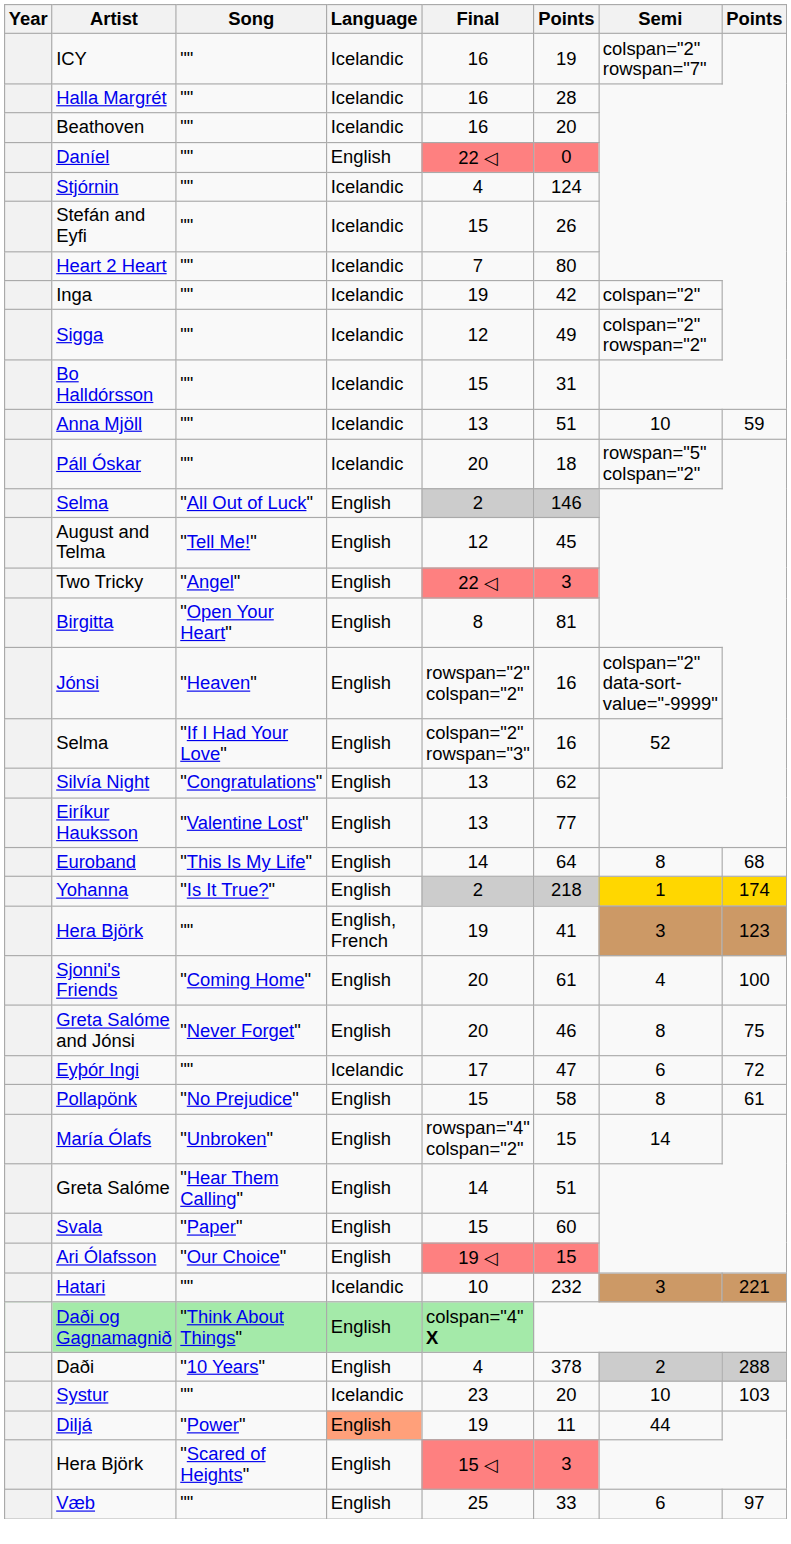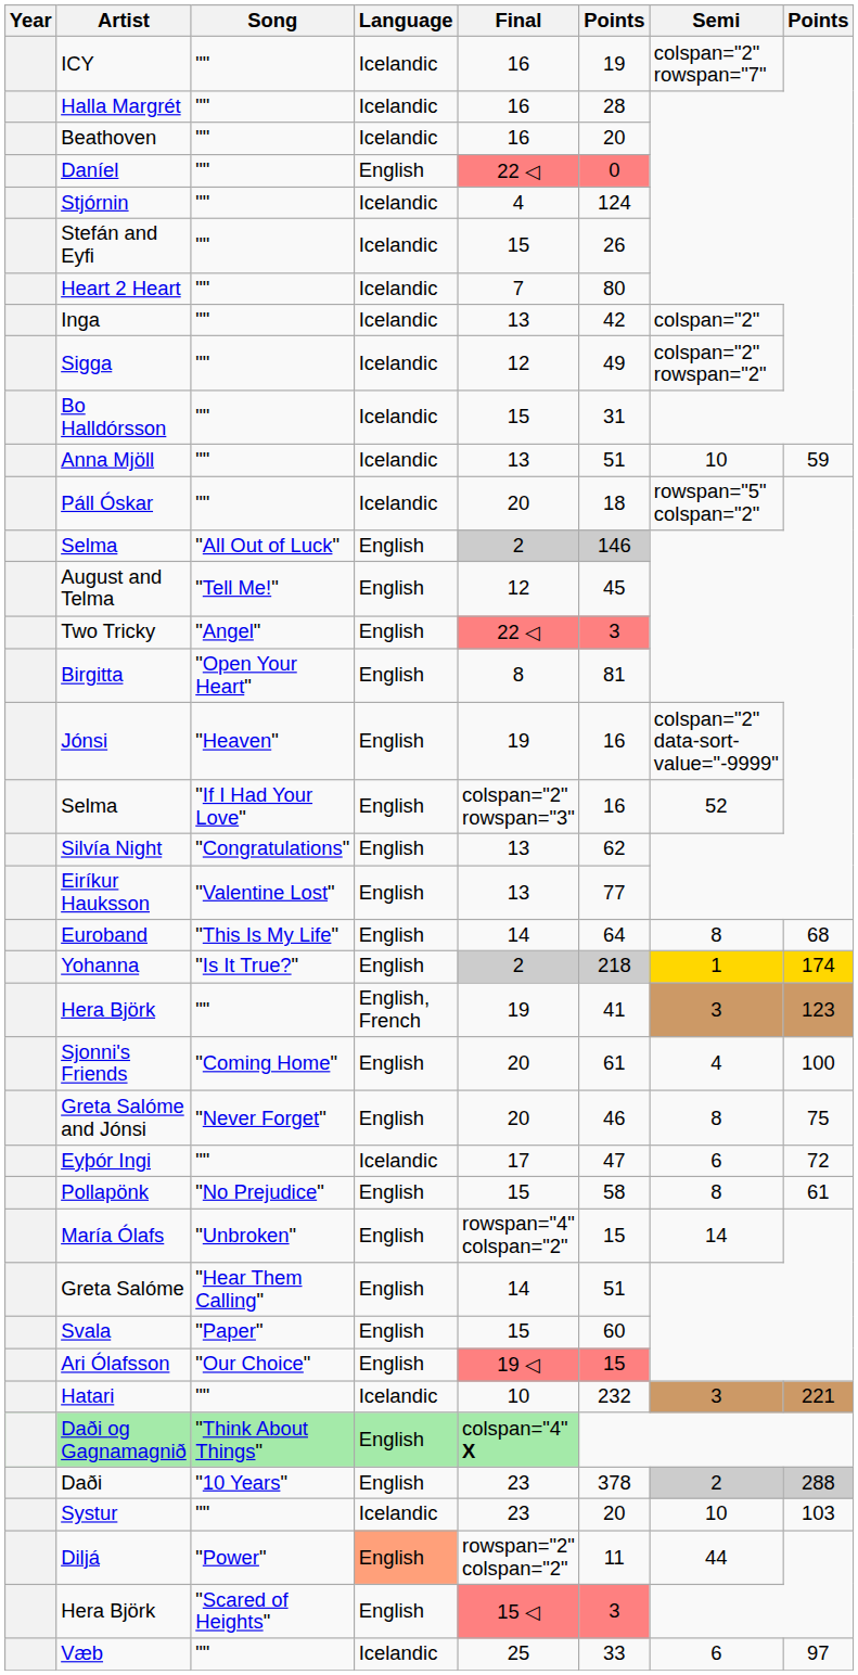 <table class="wikitable sortable plainrowheaders">
 <tr>
 <th scope="col">Year</th>
 <th scope="col">Artist</th>
 <th scope="col">Song</th>
 <th scope="col">Language</th>
 <th scope="col" data-sort-type="number">Final</th>
 <th scope="col" data-sort-type="number">Points</th>
 <th scope="col" data-sort-type="number">Semi</th>
 <th scope="col" data-sort-type="number">Points</th>
 </tr>
 <tr>
 <th scope="row" style="text-align:center;"></th>
 <td>ICY</td>
 <td>""</td>
 <td>Icelandic</td>
 <td style="text-align:center;">16</td>
 <td style="text-align:center;">19</td>
 <td>colspan="2" rowspan="7" </td>
 </tr>
 <tr>
 <th scope="row" style="text-align:center;"></th>
 <td><a href='#'>Halla Margrét</a></td>
 <td>""</td>
 <td>Icelandic</td>
 <td style="text-align:center;">16</td>
 <td style="text-align:center;">28</td>
 </tr>
 <tr>
 <th scope="row" style="text-align:center;"></th>
 <td>Beathoven</td>
 <td>""</td>
 <td>Icelandic</td>
 <td style="text-align:center;">16</td>
 <td style="text-align:center;">20</td>
 </tr>
 <tr>
 <th scope="row" style="text-align:center;"></th>
 <td><a href='#'>Daníel</a></td>
 <td>""</td>
 <td>English</td>
 <td style="text-align:center; background-color:#FE8080;">22 ◁</td>
 <td style="text-align:center; background-color:#FE8080;">0</td>
 </tr>
 <tr>
 <th scope="row" style="text-align:center;"></th>
 <td><a href='#'>Stjórnin</a></td>
 <td>""</td>
 <td>Icelandic</td>
 <td style="text-align:center;">4</td>
 <td style="text-align:center;">124</td>
 </tr>
 <tr>
 <th scope="row" style="text-align:center;"></th>
 <td>Stefán and Eyfi</td>
 <td>""</td>
 <td>Icelandic</td>
 <td style="text-align:center;">15</td>
 <td style="text-align:center;">26</td>
 </tr>
 <tr>
 <th scope="row" style="text-align:center;"></th>
 <td><a href='#'>Heart 2 Heart</a></td>
 <td>""</td>
 <td>Icelandic</td>
 <td style="text-align:center;">7</td>
 <td style="text-align:center;">80</td>
 </tr>
 <tr>
 <th scope="row" style="text-align:center;"></th>
 <td>Inga</td>
 <td>""</td>
 <td>Icelandic</td>
-<td style="text-align:center;">19</td>
+<td style="text-align:center;">13</td>
 <td style="text-align:center;">42</td>
 <td>colspan="2" </td>
 </tr>
 <tr>
 <th scope="row" style="text-align:center;"></th>
 <td><a href='#'>Sigga</a></td>
 <td>""</td>
 <td>Icelandic</td>
 <td style="text-align:center;">12</td>
 <td style="text-align:center;">49</td>
 <td>colspan="2" rowspan="2" </td>
 </tr>
 <tr>
 <th scope="row" style="text-align:center;"></th>
 <td><a href='#'>Bo Halldórsson</a></td>
 <td>""</td>
 <td>Icelandic</td>
 <td style="text-align:center;">15</td>
 <td style="text-align:center;">31</td>
 </tr>
 <tr>
 <th scope="row" style="text-align:center;"></th>
 <td><a href='#'>Anna Mjöll</a></td>
 <td>""</td>
 <td>Icelandic</td>
 <td style="text-align:center;">13</td>
 <td style="text-align:center;">51</td>
 <td style="text-align:center;">10</td>
 <td style="text-align:center;">59</td>
 </tr>
 <tr>
 <th scope="row" style="text-align:center;"></th>
 <td><a href='#'>Páll Óskar</a></td>
 <td>""</td>
 <td>Icelandic</td>
 <td style="text-align:center;">20</td>
 <td style="text-align:center;">18</td>
 <td>rowspan="5" colspan="2" </td>
 </tr>
 <tr>
 <th scope="row" style="text-align:center;"></th>
 <td><a href='#'>Selma</a></td>
 <td>"<a href='#'>All Out of Luck</a>"</td>
 <td>English</td>
 <td style="text-align:center; background-color:#CCC;">2</td>
 <td style="text-align:center; background-color:#CCC;">146</td>
 </tr>
 <tr>
 <th scope="row" style="text-align:center;"></th>
 <td>August and Telma</td>
 <td>"<a href='#'>Tell Me!</a>"</td>
 <td>English</td>
 <td style="text-align:center;">12</td>
 <td style="text-align:center;">45</td>
 </tr>
 <tr>
 <th scope="row" style="text-align:center;"></th>
 <td>Two Tricky</td>
 <td>"<a href='#'>Angel</a>"</td>
 <td>English</td>
 <td style="text-align:center; background-color:#FE8080;">22 ◁</td>
 <td style="text-align:center; background-color:#FE8080;">3</td>
 </tr>
 <tr>
 <th scope="row" style="text-align:center;"></th>
 <td><a href='#'>Birgitta</a></td>
 <td>"<a href='#'>Open Your Heart</a>"</td>
 <td>English</td>
 <td style="text-align:center;">8</td>
 <td style="text-align:center;">81</td>
 </tr>
 <tr>
 <th scope="row" style="text-align:center;"></th>
 <td><a href='#'>Jónsi</a></td>
 <td>"<a href='#'>Heaven</a>"</td>
 <td>English</td>
-<td>rowspan="2" colspan="2" </td>
+<td style="text-align:center;">19</td>
 <td style="text-align:center;">16</td>
 <td>colspan="2" data-sort-value="-9999" </td>
 </tr>
 <tr>
 <th scope="row" style="text-align:center;"></th>
 <td>Selma</td>
 <td>"<a href='#'>If I Had Your Love</a>"</td>
 <td>English</td>
 <td>colspan="2" rowspan="3" </td>
 <td style="text-align:center;">16</td>
 <td style="text-align:center;">52</td>
 </tr>
 <tr>
 <th scope="row" style="text-align:center;"></th>
 <td><a href='#'>Silvía Night</a></td>
 <td>"<a href='#'>Congratulations</a>"</td>
 <td>English</td>
 <td style="text-align:center;">13</td>
 <td style="text-align:center;">62</td>
 </tr>
 <tr>
 <th scope="row" style="text-align:center;"></th>
 <td><a href='#'>Eiríkur Hauksson</a></td>
 <td>"<a href='#'>Valentine Lost</a>"</td>
 <td>English</td>
 <td style="text-align:center;">13</td>
 <td style="text-align:center;">77</td>
 </tr>
 <tr>
 <th scope="row" style="text-align:center;"></th>
 <td><a href='#'>Euroband</a></td>
 <td>"<a href='#'>This Is My Life</a>"</td>
 <td>English</td>
 <td style="text-align:center;">14</td>
 <td style="text-align:center;">64</td>
 <td style="text-align:center;">8</td>
 <td style="text-align:center;">68</td>
 </tr>
 <tr>
 <th scope="row" style="text-align:center;"></th>
 <td><a href='#'>Yohanna</a></td>
 <td>"<a href='#'>Is It True?</a>"</td>
 <td>English</td>
 <td style="text-align:center; background-color:#CCC;">2</td>
 <td style="text-align:center; background-color:#CCC;">218</td>
 <td style="text-align:center; background-color:#FFD700;">1</td>
 <td style="text-align:center; background-color:#FFD700;">174</td>
 </tr>
 <tr>
 <th scope="row" style="text-align:center;"></th>
 <td><a href='#'>Hera Björk</a></td>
 <td>""</td>
 <td>English, French</td>
 <td style="text-align:center;">19</td>
 <td style="text-align:center;">41</td>
 <td style="text-align:center; background-color:#C96;">3</td>
 <td style="text-align:center; background-color:#C96;">123</td>
 </tr>
 <tr>
 <th scope="row" style="text-align:center;"></th>
 <td><a href='#'>Sjonni's Friends</a></td>
 <td>"<a href='#'>Coming Home</a>"</td>
 <td>English</td>
 <td style="text-align:center;">20</td>
 <td style="text-align:center;">61</td>
 <td style="text-align:center;">4</td>
 <td style="text-align:center;">100</td>
 </tr>
 <tr>
 <th scope="row" style="text-align:center;"></th>
 <td><a href='#'>Greta Salóme</a> and Jónsi</td>
 <td>"<a href='#'>Never Forget</a>"</td>
 <td>English</td>
 <td style="text-align:center;">20</td>
 <td style="text-align:center;">46</td>
 <td style="text-align:center;">8</td>
 <td style="text-align:center;">75</td>
 </tr>
 <tr>
 <th scope="row" style="text-align:center;"></th>
 <td><a href='#'>Eyþór Ingi</a></td>
 <td>""</td>
 <td>Icelandic</td>
 <td style="text-align:center;">17</td>
 <td style="text-align:center;">47</td>
 <td style="text-align:center;">6</td>
 <td style="text-align:center;">72</td>
 </tr>
 <tr>
 <th scope="row" style="text-align:center;"></th>
 <td><a href='#'>Pollapönk</a></td>
 <td>"<a href='#'>No Prejudice</a>"</td>
 <td>English</td>
 <td style="text-align:center;">15</td>
 <td style="text-align:center;">58</td>
 <td style="text-align:center;">8</td>
 <td style="text-align:center;">61</td>
 </tr>
 <tr>
 <th scope="row" style="text-align:center;"></th>
 <td><a href='#'>María Ólafs</a></td>
 <td>"<a href='#'>Unbroken</a>"</td>
 <td>English</td>
 <td>rowspan="4" colspan="2" </td>
 <td style="text-align:center;">15</td>
 <td style="text-align:center;">14</td>
 </tr>
 <tr>
 <th scope="row" style="text-align:center;"></th>
 <td>Greta Salóme</td>
 <td>"<a href='#'>Hear Them Calling</a>"</td>
 <td>English</td>
 <td style="text-align:center;">14</td>
 <td style="text-align:center;">51</td>
 </tr>
 <tr>
 <th scope="row" style="text-align:center;"></th>
 <td><a href='#'>Svala</a></td>
 <td>"<a href='#'>Paper</a>"</td>
 <td>English</td>
 <td style="text-align:center;">15</td>
 <td style="text-align:center;">60</td>
 </tr>
 <tr>
 <th scope="row" style="text-align:center;"></th>
 <td><a href='#'>Ari Ólafsson</a></td>
 <td>"<a href='#'>Our Choice</a>"</td>
 <td>English</td>
 <td style="text-align:center; background-color:#FE8080;">19 ◁</td>
 <td style="text-align:center; background-color:#FE8080;">15</td>
 </tr>
 <tr>
 <th scope="row" style="text-align:center;"></th>
 <td><a href='#'>Hatari</a></td>
 <td>""</td>
 <td>Icelandic</td>
 <td style="text-align:center;">10</td>
 <td style="text-align:center;">232</td>
 <td style="text-align:center; background-color:#C96;">3</td>
 <td style="text-align:center; background-color:#C96;">221</td>
 </tr>
 <tr style="background-color:#A4EAA9;">
 <th scope="row" style="text-align:center;"></th>
 <td><a href='#'>Daði <span>og Gagnamagnið</span></a></td>
 <td>"<a href='#'>Think About Things</a>"</td>
 <td>English</td>
 <td>colspan="4"  <strong>X</strong></td>
 </tr>
 <tr>
 <th scope="row" style="text-align:center;"></th>
 <td>Daði </td>
 <td>"<a href='#'>10 Years</a>"</td>
 <td>English</td>
-<td style="text-align:center;">4</td>
+<td style="text-align:center;">23</td>
 <td style="text-align:center;">378</td>
 <td style="text-align:center; background-color:#CCC;">2</td>
 <td style="text-align:center; background-color:#CCC;">288</td>
 </tr>
 <tr>
 <th scope="row" style="text-align:center;"></th>
 <td><a href='#'>Systur</a></td>
 <td>""</td>
 <td>Icelandic</td>
 <td style="text-align:center;">23</td>
 <td style="text-align:center;">20</td>
 <td style="text-align:center;">10</td>
 <td style="text-align:center;">103</td>
 </tr>
 <tr>
 <th scope="row" style="text-align:center;"></th>
 <td><a href='#'>Diljá</a></td>
 <td>"<a href='#'>Power</a>"</td>
 <td style="background: lightsalmon;">English</td>
-<td style="text-align:center;">19</td>
+<td>rowspan="2" colspan="2" </td>
 <td style="text-align:center;">11</td>
 <td style="text-align:center;">44</td>
 </tr>
 <tr>
 <th scope="row" style="text-align:center;"></th>
 <td>Hera Björk</td>
 <td>"<a href='#'>Scared of Heights</a>"</td>
 <td>English</td>
 <td style="text-align:center; background-color:#FE8080;">15 ◁</td>
 <td style="text-align:center; background-color:#FE8080;">3</td>
 </tr>
 <tr>
 <th scope="row" style="text-align:center;"></th>
 <td><a href='#'>Væb</a></td>
 <td>""</td>
-<td>English</td>
+<td>Icelandic</td>
 <td style="text-align:center;">25</td>
 <td style="text-align:center;">33</td>
 <td style="text-align:center;">6</td>
 <td style="text-align:center;">97</td>
 </tr>
 </table>
